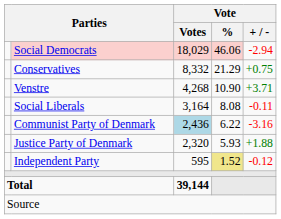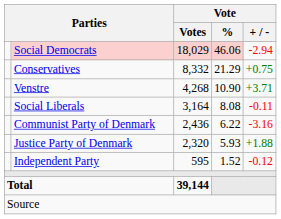 <table class="wikitable" style="text-align:right;">
 <tr>
 <th style="text-align:centre;" rowspan="2" colspan="2" width="225">Parties</th>
 <th colspan="3">Vote</th>
 </tr>
 <tr>
 <th width="15">Votes</th>
 <th width="15">%</th>
 <th width="15">+ / -</th>
 </tr>
 <tr>
 <td width="2" style="color:inherit;background:"></td>
 <td bgcolor=#fbd0ce  align="left"><a href='#'>Social Democrats</a></td>
 <td bgcolor=#fbd0ce>18,029</td>
 <td bgcolor=#fbd0ce>46.06</td>
 <td style=color:red;>-2.94</td>
 </tr>
 <tr>
 <td width="2" style="color:inherit;background:"></td>
 <td align="left"><a href='#'>Conservatives</a></td>
 <td>8,332</td>
 <td>21.29</td>
 <td style=color:green;>+0.75</td>
 </tr>
 <tr>
 <td width="2" style="color:inherit;background:"></td>
 <td align="left"><a href='#'>Venstre</a></td>
 <td>4,268</td>
 <td>10.90</td>
 <td style=color:green;>+3.71</td>
 </tr>
 <tr>
 <td width="2" style="color:inherit;background:"></td>
 <td align="left"><a href='#'>Social Liberals</a></td>
 <td>3,164</td>
 <td>8.08</td>
 <td style=color:red;>-0.11</td>
 </tr>
 <tr>
 <td width="2" style="color:inherit;background:"></td>
 <td align="left"><a href='#'>Communist Party of Denmark</a></td>
-<td style="background: lightblue;">2,436</td>
+<td>2,436</td>
 <td>6.22</td>
 <td style=color:red;>-3.16</td>
 </tr>
 <tr>
 <td width="2" style="color:inherit;background:"></td>
 <td align="left"><a href='#'>Justice Party of Denmark</a></td>
 <td>2,320</td>
 <td>5.93</td>
 <td style=color:green;>+1.88</td>
 </tr>
 <tr>
 <td width="2" style="color:inherit;background:"></td>
 <td align="left"><a href='#'>Independent Party</a></td>
 <td>595</td>
-<td style="background: khaki;">1.52</td>
+<td>1.52</td>
 <td style=color:red;>-0.12</td>
 </tr>
 <tr>
 <td colspan="7" bgcolor="#E9E9E9"></td>
 </tr>
 <tr>
 <td align="left" colspan="2"><strong>Total</strong></td>
 <td><strong>39,144</strong></td>
 <td bgcolor="#E9E9E9" colspan="2"></td>
 </tr>
 <tr>
 <td align="left" colspan="6">Source</td>
 </tr>
 </table>
